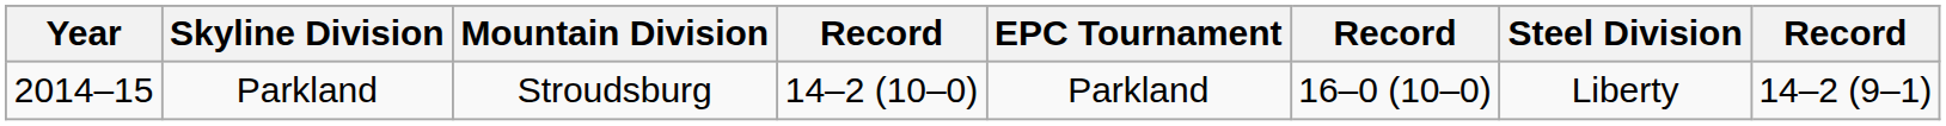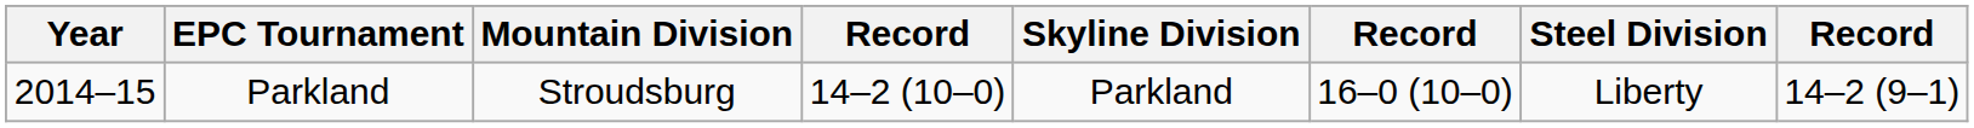 <table class="wikitable" style="text-align:center">
 <tr>
 <th>Year</th>
-<th>Skyline Division</th>
+<th>EPC Tournament</th>
 <th>Mountain Division</th>
 <th>Record</th>
-<th>EPC Tournament</th>
+<th>Skyline Division</th>
 <th>Record</th>
 <th>Steel Division</th>
 <th>Record</th>
 </tr>
 <tr>
 <td>2014–15</td>
 <td>Parkland</td>
 <td>Stroudsburg</td>
 <td>14–2 (10–0)</td>
 <td>Parkland</td>
 <td>16–0 (10–0)</td>
 <td>Liberty</td>
 <td>14–2 (9–1)</td>
 </tr>
 </table>
